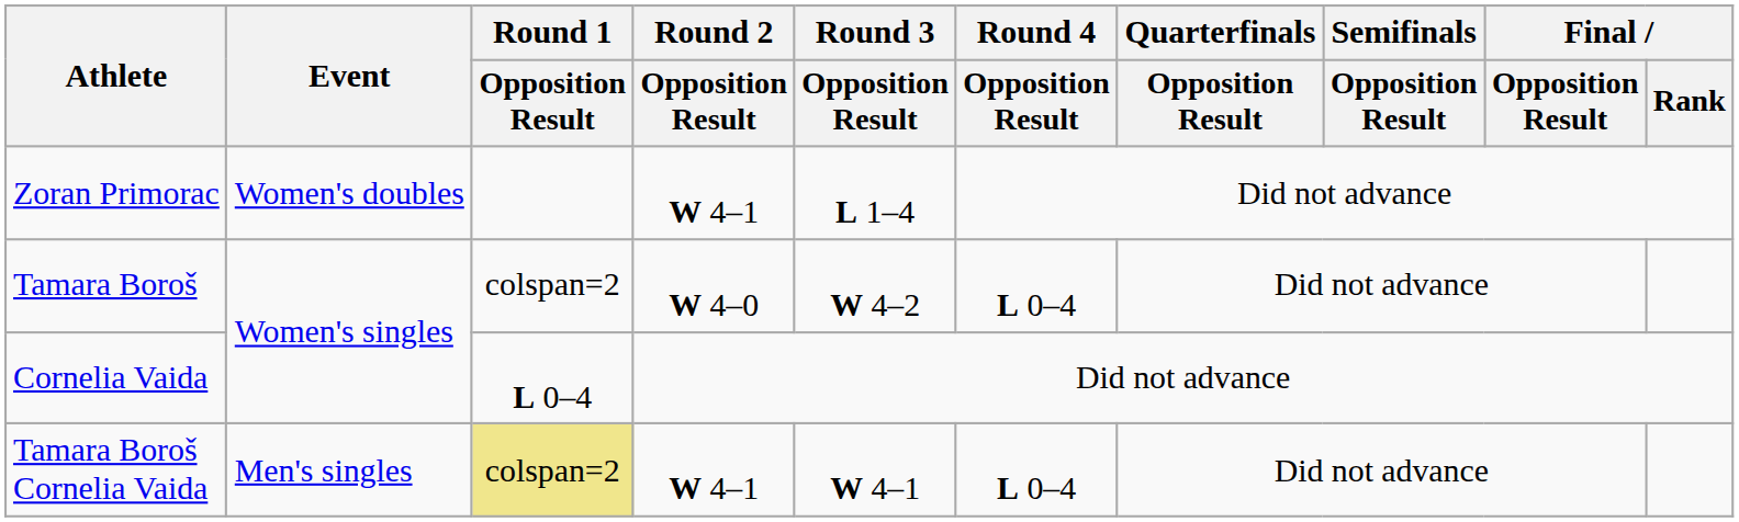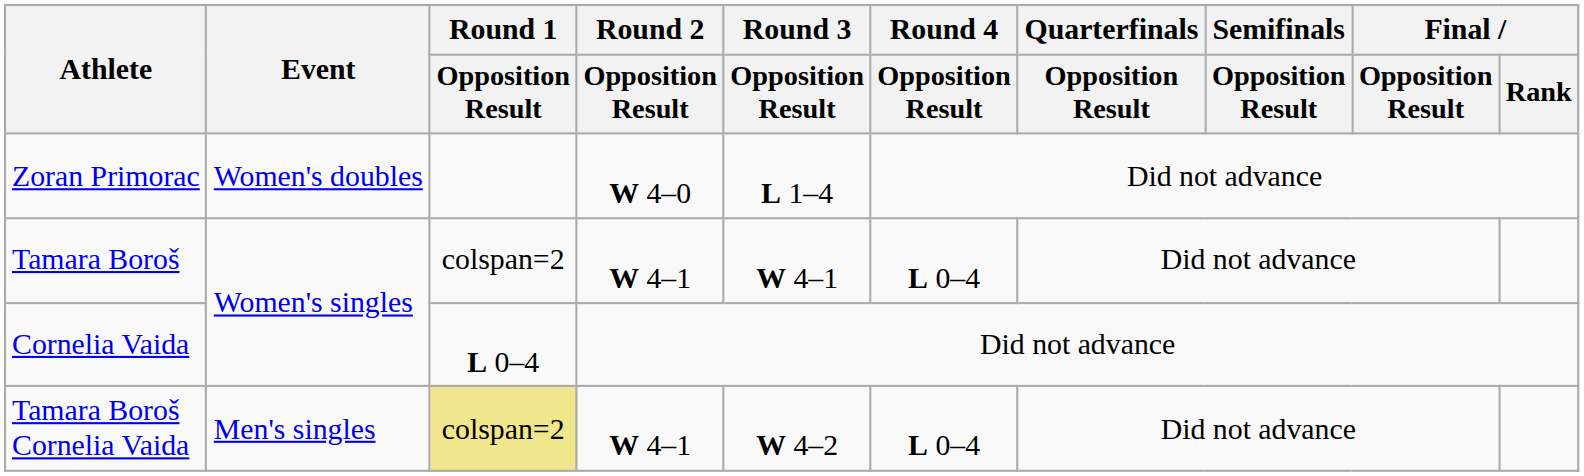 <table class="wikitable" style="font-size:90%">
 <tr>
 <th rowspan="2">Athlete</th>
 <th rowspan="2">Event</th>
 <th>Round 1</th>
 <th>Round 2</th>
 <th>Round 3</th>
 <th>Round 4</th>
 <th>Quarterfinals</th>
 <th>Semifinals</th>
 <th colspan=2>Final / </th>
 </tr>
 <tr style="font-size:95%">
 <th>Opposition<br>Result</th>
 <th>Opposition<br>Result</th>
 <th>Opposition<br>Result</th>
 <th>Opposition<br>Result</th>
 <th>Opposition<br>Result</th>
 <th>Opposition<br>Result</th>
 <th>Opposition<br>Result</th>
 <th>Rank</th>
 </tr>
 <tr align=center>
 <td align=left><a href='#'>Zoran Primorac</a></td>
 <td align=left><a href='#'>Women's doubles</a></td>
 <td></td>
-<td><br><strong>W</strong> 4–1</td>
+<td><br><strong>W</strong> 4–0</td>
 <td><br><strong>L</strong> 1–4</td>
 <td colspan=5>Did not advance</td>
 </tr>
 <tr align=center>
 <td align=left><a href='#'>Tamara Boroš</a></td>
 <td align=left rowspan=2><a href='#'>Women's singles</a></td>
 <td>colspan=2 </td>
-<td><br><strong>W</strong> 4–0</td>
-<td><br><strong>W</strong> 4–2</td>
+<td><br><strong>W</strong> 4–1</td>
+<td><br><strong>W</strong> 4–1</td>
 <td><br><strong>L</strong> 0–4</td>
 <td colspan=3>Did not advance</td>
 </tr>
 <tr align=center>
 <td align=left><a href='#'>Cornelia Vaida</a></td>
 <td><br><strong>L</strong> 0–4</td>
 <td colspan=7>Did not advance</td>
 </tr>
 <tr align=center>
 <td align=left><a href='#'>Tamara Boroš</a><br><a href='#'>Cornelia Vaida</a></td>
 <td align=left><a href='#'>Men's singles</a></td>
 <td style="background: khaki;">colspan=2 </td>
 <td><br><strong>W</strong> 4–1</td>
-<td><br><strong>W</strong> 4–1</td>
+<td><br><strong>W</strong> 4–2</td>
 <td><br><strong>L</strong> 0–4</td>
 <td colspan=3>Did not advance</td>
 </tr>
 </table>
